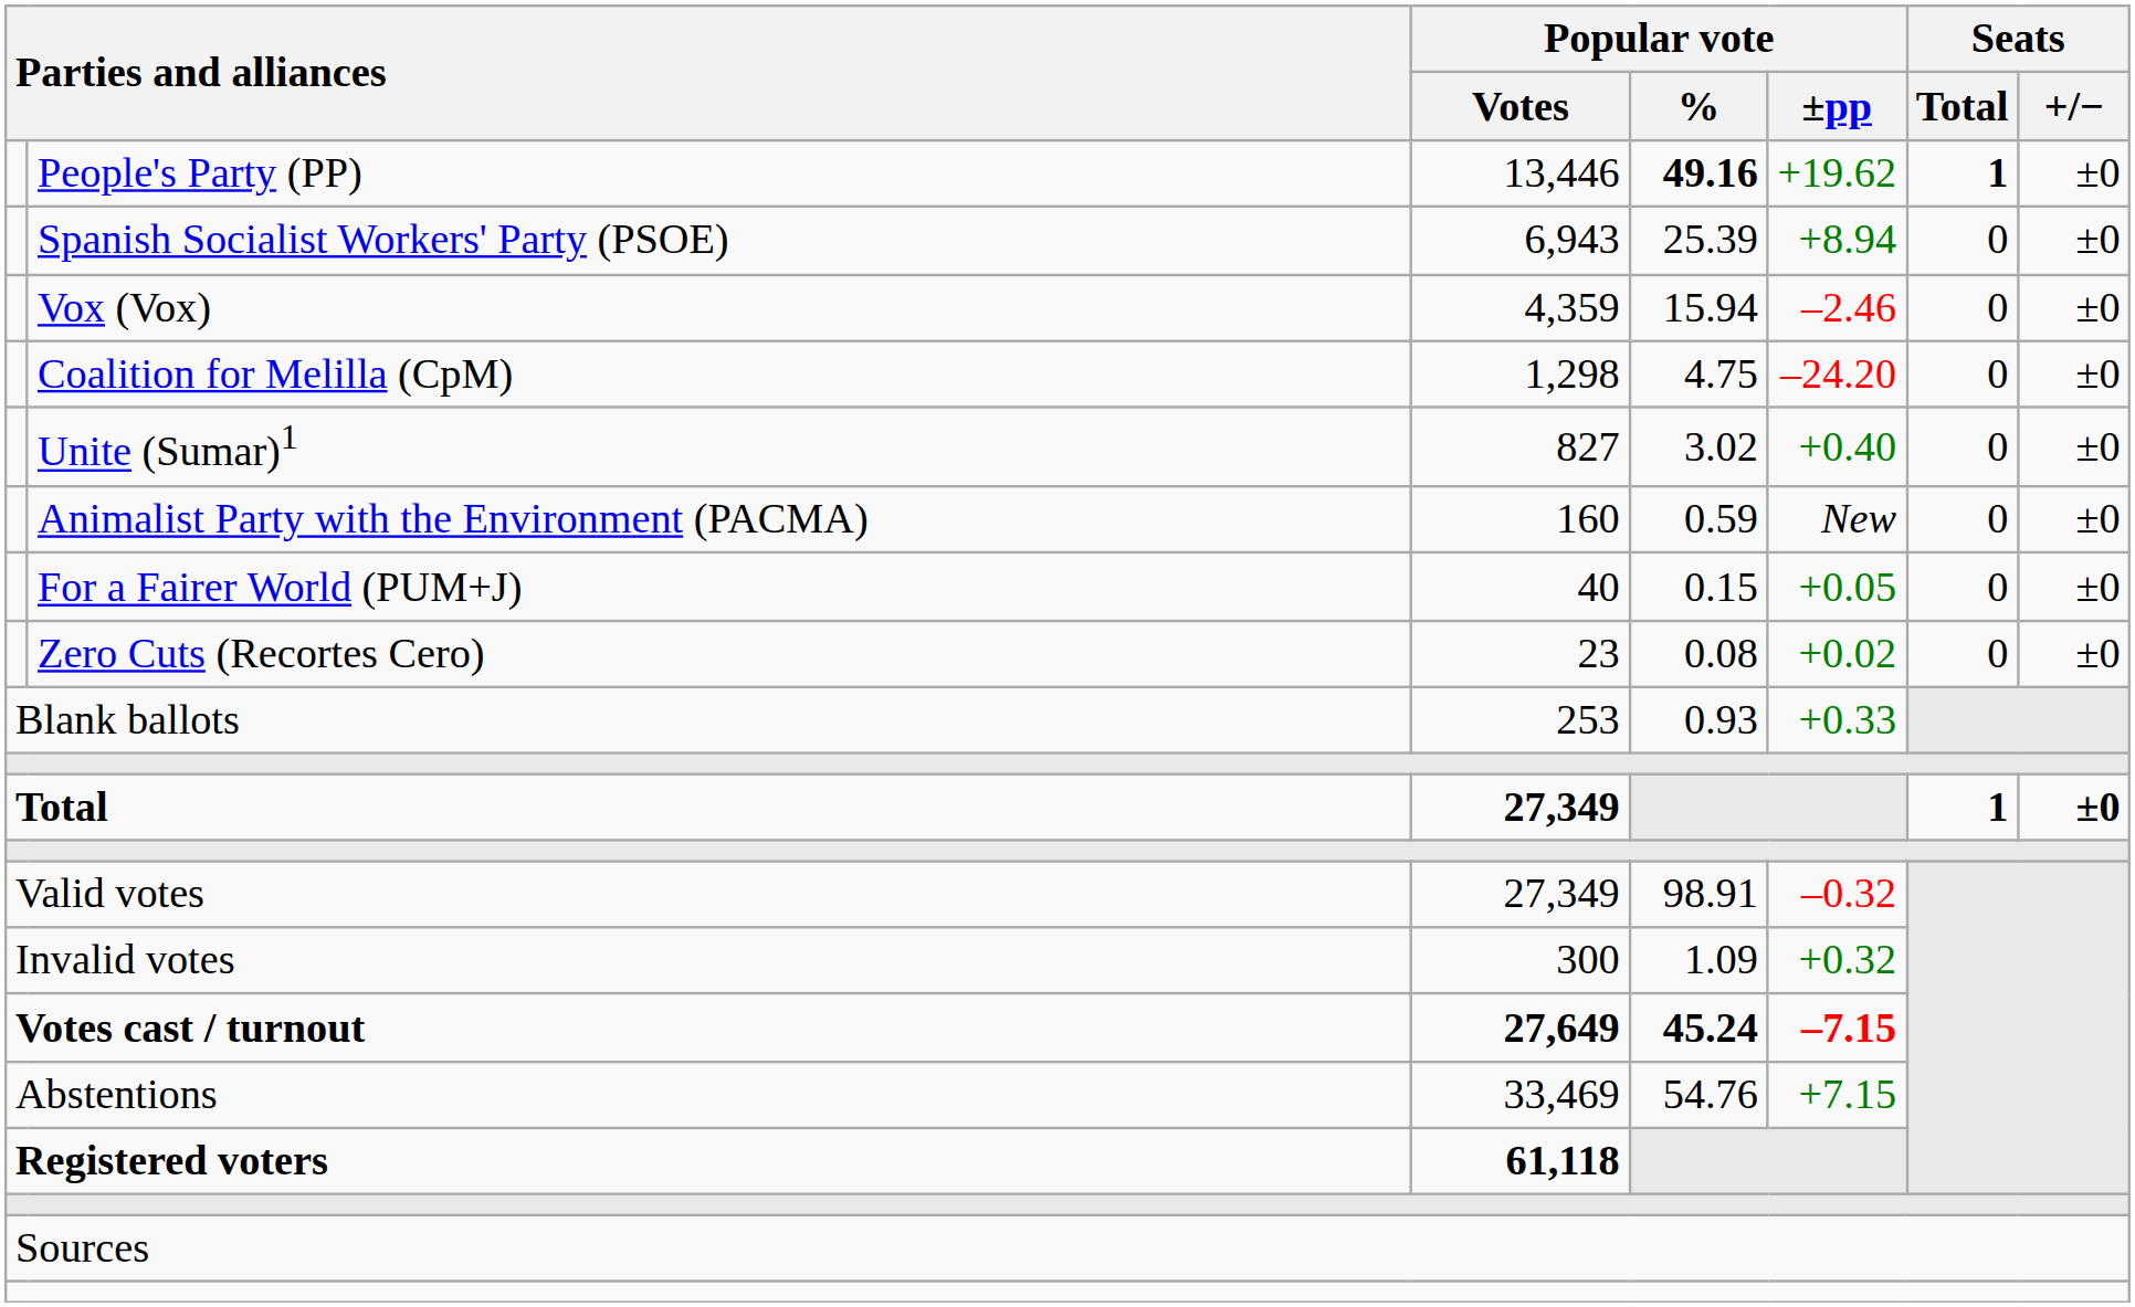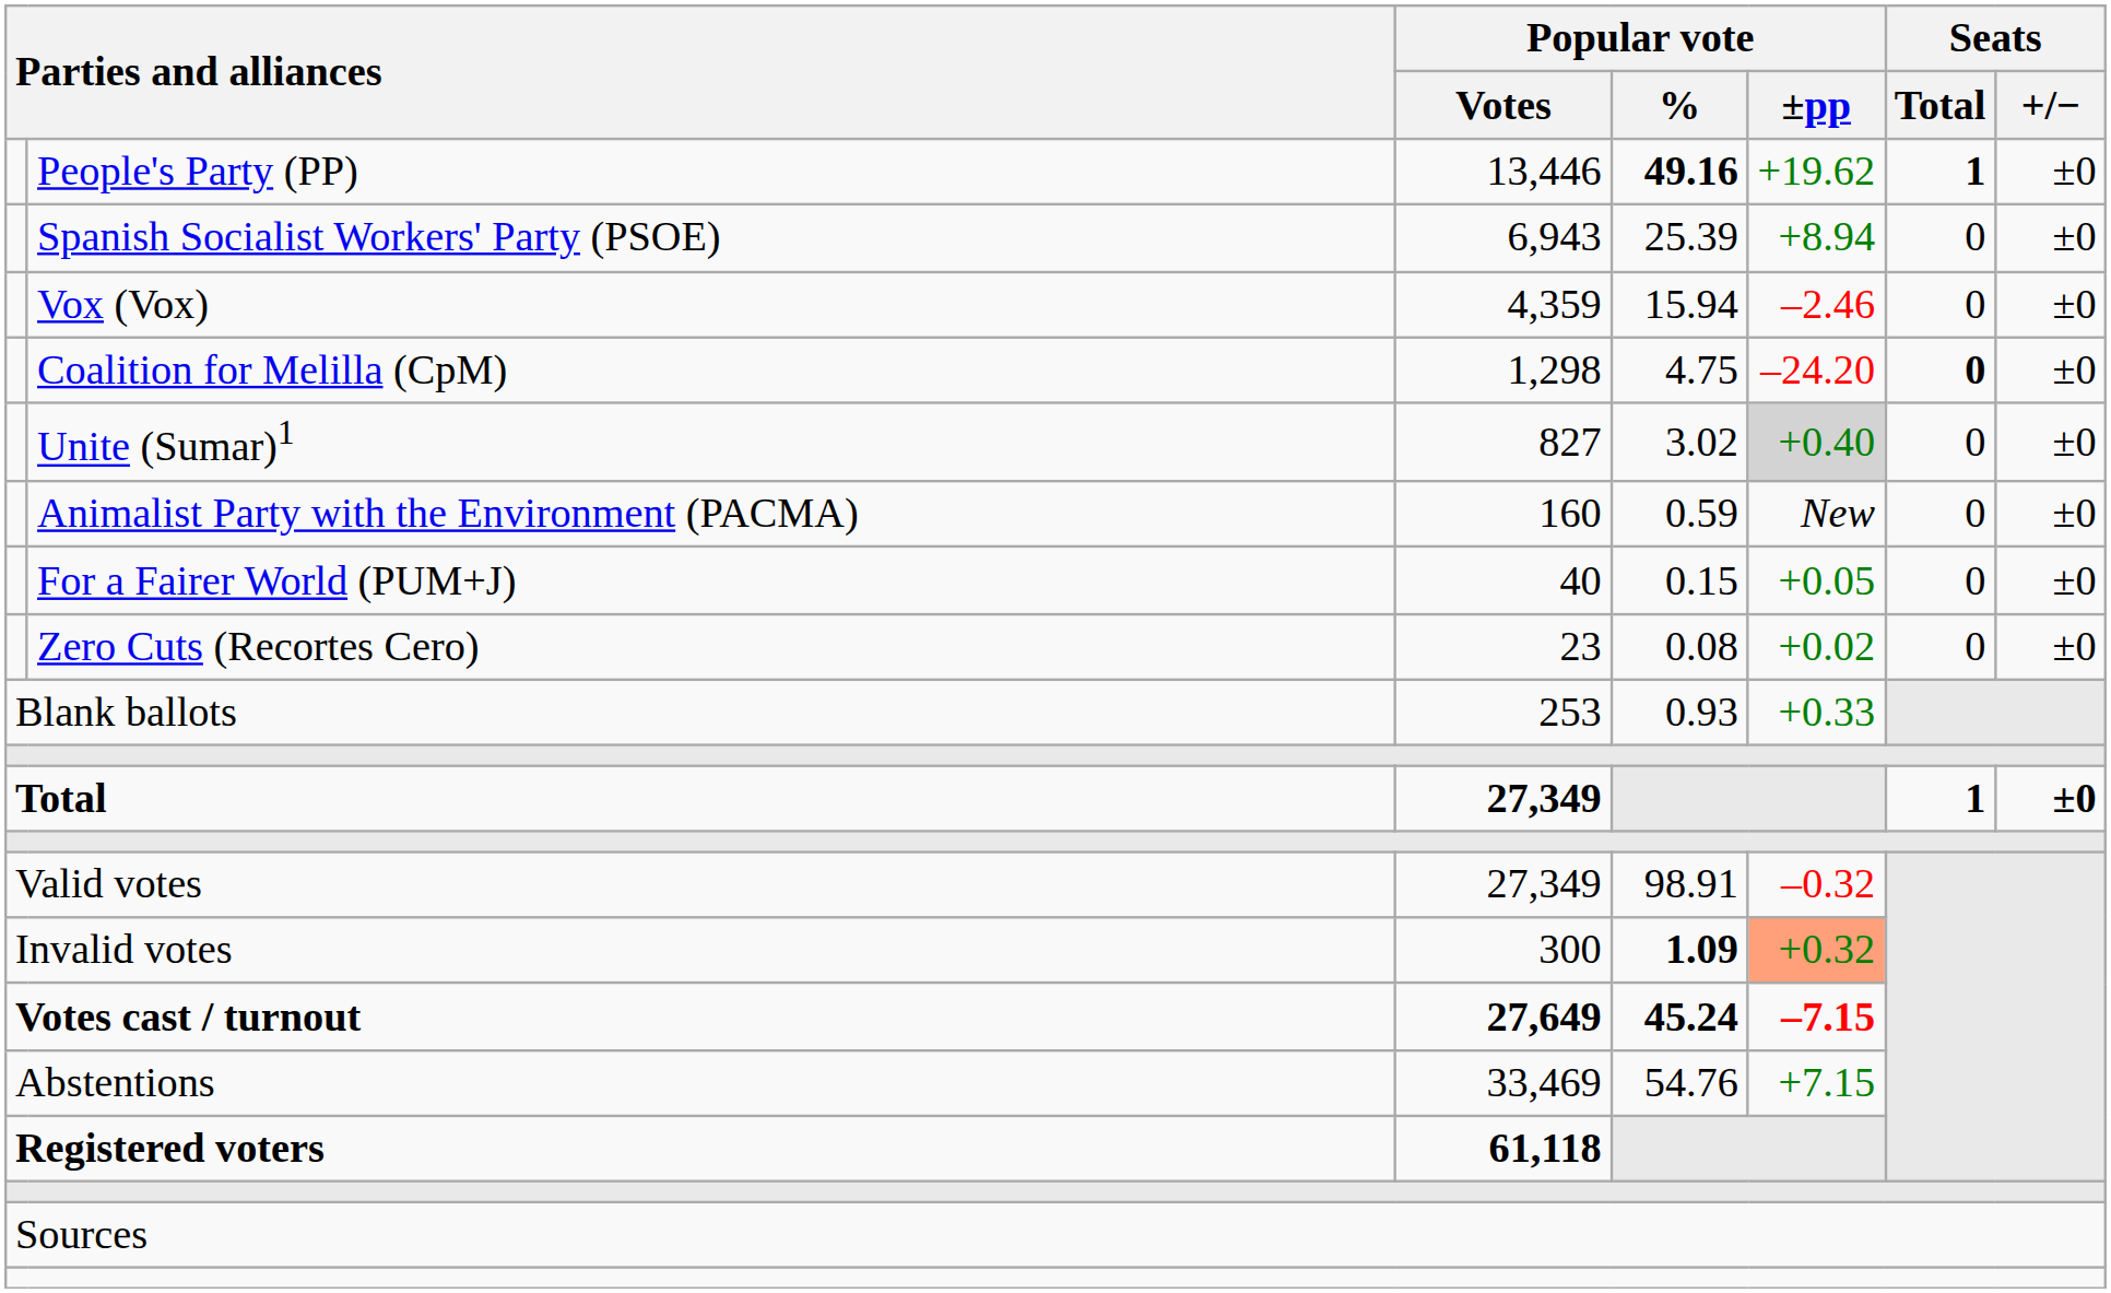 <table class="wikitable" style="text-align:right;">
 <tr>
 <th style="text-align:left;" rowspan="2" colspan="2" width="525">Parties and alliances</th>
 <th colspan="3">Popular vote</th>
 <th colspan="2">Seats</th>
 </tr>
 <tr>
 <th width="75">Votes</th>
 <th width="45">%</th>
 <th width="45">±<a href='#'>pp</a></th>
 <th width="35">Total</th>
 <th width="35">+/−</th>
 </tr>
 <tr>
 <td width="1" style="color:inherit;background:"></td>
 <td align="left"><a href='#'>People's Party</a> (PP)</td>
 <td>13,446</td>
 <td><strong>49.16</strong></td>
 <td style="color:green;">+19.62</td>
 <td><strong>1</strong></td>
 <td>±0</td>
 </tr>
 <tr>
 <td style="color:inherit;background:"></td>
 <td align="left"><a href='#'>Spanish Socialist Workers' Party</a> (PSOE)</td>
 <td>6,943</td>
 <td>25.39</td>
 <td style="color:green;">+8.94</td>
 <td>0</td>
 <td>±0</td>
 </tr>
 <tr>
 <td style="color:inherit;background:"></td>
 <td align="left"><a href='#'>Vox</a> (Vox)</td>
 <td>4,359</td>
 <td>15.94</td>
 <td style="color:red;">–2.46</td>
 <td>0</td>
 <td>±0</td>
 </tr>
 <tr>
 <td style="color:inherit;background:"></td>
 <td align="left"><a href='#'>Coalition for Melilla</a> (CpM)</td>
 <td>1,298</td>
 <td>4.75</td>
 <td style="color:red;">–24.20</td>
-<td>0</td>
+<td><strong>0</strong></td>
 <td>±0</td>
 </tr>
 <tr>
 <td style="color:inherit;background:"></td>
 <td align="left"><a href='#'>Unite</a> (Sumar)<sup>1</sup></td>
 <td>827</td>
 <td>3.02</td>
-<td style="color:green;">+0.40</td>
+<td style="background: lightgrey; color:green;">+0.40</td>
 <td>0</td>
 <td>±0</td>
 </tr>
 <tr>
 <td style="color:inherit;background:"></td>
 <td align="left"><a href='#'>Animalist Party with the Environment</a> (PACMA)</td>
 <td>160</td>
 <td>0.59</td>
 <td><em>New</em></td>
 <td>0</td>
 <td>±0</td>
 </tr>
 <tr>
 <td style="color:inherit;background:"></td>
 <td align="left"><a href='#'>For a Fairer World</a> (PUM+J)</td>
 <td>40</td>
 <td>0.15</td>
 <td style="color:green;">+0.05</td>
 <td>0</td>
 <td>±0</td>
 </tr>
 <tr>
 <td style="color:inherit;background:"></td>
 <td align="left"><a href='#'>Zero Cuts</a> (Recortes Cero)</td>
 <td>23</td>
 <td>0.08</td>
 <td style="color:green;">+0.02</td>
 <td>0</td>
 <td>±0</td>
 </tr>
 <tr>
 <td align="left" colspan="2">Blank ballots</td>
 <td>253</td>
 <td>0.93</td>
 <td style="color:green;">+0.33</td>
 <td bgcolor="#E9E9E9" colspan="2"></td>
 </tr>
 <tr>
 <td colspan="7" bgcolor="#E9E9E9"></td>
 </tr>
 <tr style="font-weight:bold;">
 <td align="left" colspan="2">Total</td>
 <td>27,349</td>
 <td bgcolor="#E9E9E9" colspan="2"></td>
 <td>1</td>
 <td>±0</td>
 </tr>
 <tr>
 <td colspan="7" bgcolor="#E9E9E9"></td>
 </tr>
 <tr>
 <td align="left" colspan="2">Valid votes</td>
 <td>27,349</td>
 <td>98.91</td>
 <td style="color:red;">–0.32</td>
 <td bgcolor="#E9E9E9" colspan="2" rowspan="5"></td>
 </tr>
 <tr>
 <td align="left" colspan="2">Invalid votes</td>
 <td>300</td>
-<td>1.09</td>
-<td style="color:green;">+0.32</td>
+<td><strong>1.09</strong></td>
+<td style="background: lightsalmon; color:green;">+0.32</td>
 </tr>
 <tr style="font-weight:bold;">
 <td align="left" colspan="2">Votes cast / turnout</td>
 <td>27,649</td>
 <td>45.24</td>
 <td style="color:red;">–7.15</td>
 </tr>
 <tr>
 <td align="left" colspan="2">Abstentions</td>
 <td>33,469</td>
 <td>54.76</td>
 <td style="color:green;">+7.15</td>
 </tr>
 <tr style="font-weight:bold;">
 <td align="left" colspan="2">Registered voters</td>
 <td>61,118</td>
 <td bgcolor="#E9E9E9" colspan="2"></td>
 </tr>
 <tr>
 <td colspan="7" bgcolor="#E9E9E9"></td>
 </tr>
 <tr>
 <td align="left" colspan="7">Sources</td>
 </tr>
 <tr>
 <td colspan="7" style="text-align:left; max-width:790px;"></td>
 </tr>
 </table>
